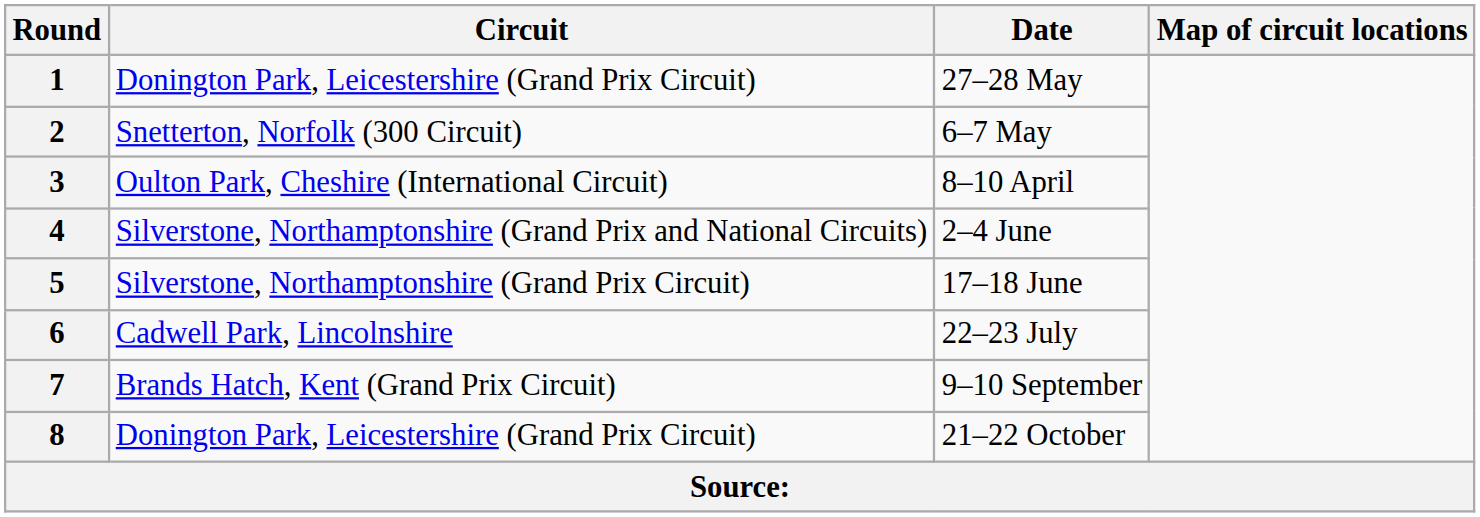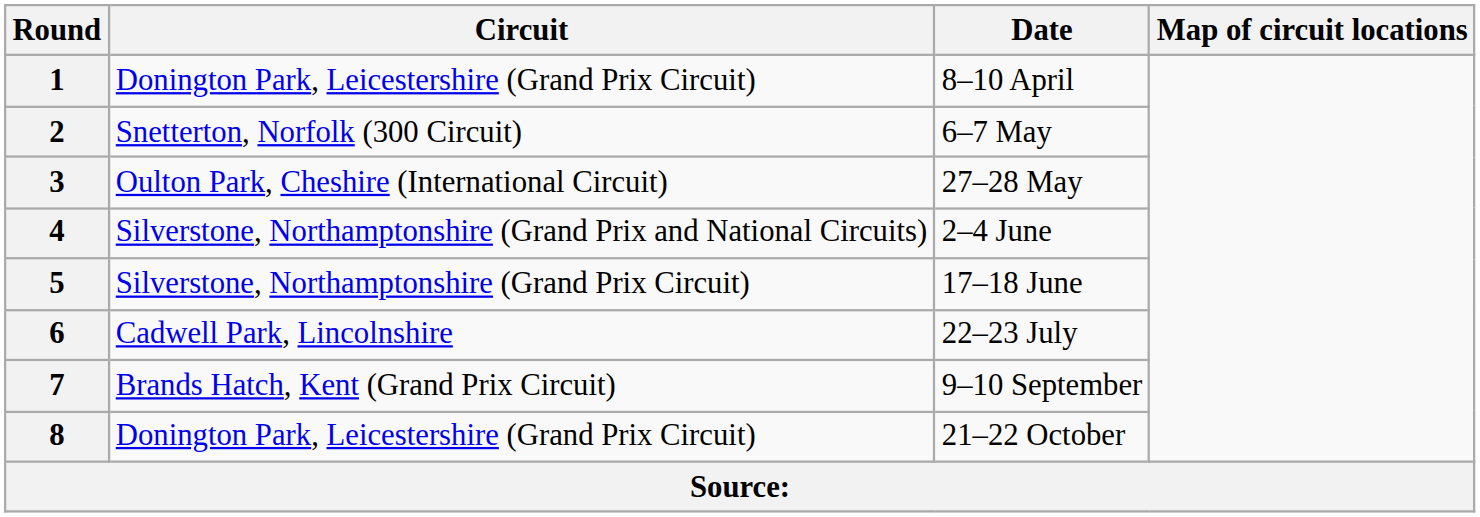 <table class="wikitable" style="font-size: 85%">
 <tr>
 <th>Round</th>
 <th>Circuit</th>
 <th>Date</th>
 <th>Map of circuit locations</th>
 </tr>
 <tr>
 <th>1</th>
 <td> <a href='#'>Donington Park</a>, <a href='#'>Leicestershire</a> (Grand Prix Circuit)</td>
-<td>27–28 May</td>
+<td>8–10 April</td>
 <td rowspan="8"></td>
 </tr>
 <tr>
 <th>2</th>
 <td> <a href='#'>Snetterton</a>, <a href='#'>Norfolk</a> (300 Circuit)</td>
 <td>6–7 May</td>
 </tr>
 <tr>
 <th>3</th>
 <td> <a href='#'>Oulton Park</a>, <a href='#'>Cheshire</a> (International Circuit)</td>
-<td>8–10 April</td>
+<td>27–28 May</td>
 </tr>
 <tr>
 <th>4</th>
 <td nowrap> <a href='#'>Silverstone</a>, <a href='#'>Northamptonshire</a> (Grand Prix and National Circuits)</td>
 <td>2–4 June</td>
 </tr>
 <tr>
 <th>5</th>
 <td> <a href='#'>Silverstone</a>, <a href='#'>Northamptonshire</a> (Grand Prix Circuit)</td>
 <td>17–18 June</td>
 </tr>
 <tr>
 <th>6</th>
 <td> <a href='#'>Cadwell Park</a>, <a href='#'>Lincolnshire</a></td>
 <td>22–23 July</td>
 </tr>
 <tr>
 <th>7</th>
 <td> <a href='#'>Brands Hatch</a>, <a href='#'>Kent</a> (Grand Prix Circuit)</td>
 <td nowrap>9–10 September</td>
 </tr>
 <tr>
 <th>8</th>
 <td> <a href='#'>Donington Park</a>, <a href='#'>Leicestershire</a> (Grand Prix Circuit)</td>
 <td>21–22 October</td>
 </tr>
 <tr>
 <th colspan="4">Source:</th>
 </tr>
 </table>
